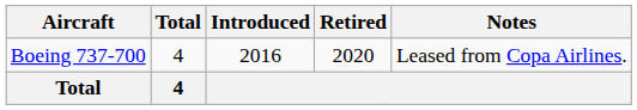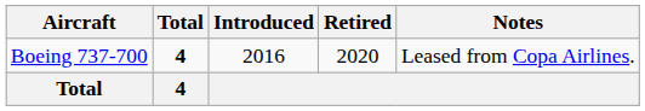 <table class="wikitable" style="margin:0.5em auto; text-align:center">
 <tr>
 <th>Aircraft</th>
 <th>Total</th>
 <th>Introduced</th>
 <th>Retired</th>
 <th>Notes</th>
 </tr>
 <tr>
 <td><a href='#'>Boeing 737-700</a></td>
-<td>4</td>
+<td><strong>4</strong></td>
 <td>2016</td>
 <td>2020</td>
 <td>Leased from <a href='#'>Copa Airlines</a>.</td>
 </tr>
 <tr>
 <th>Total</th>
 <th>4</th>
 <th colspan=3></th>
 </tr>
 </table>
